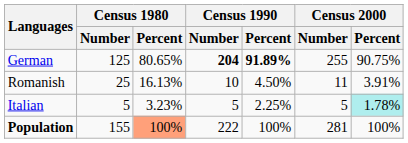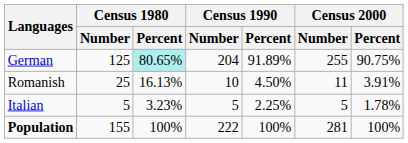 <table class="wikitable">
 <tr ---->
 <th rowspan="2">Languages</th>
 <th colspan="2">Census 1980</th>
 <th colspan="2">Census 1990</th>
 <th colspan="2">Census 2000</th>
 </tr>
 <tr ---->
 <th>Number</th>
 <th>Percent</th>
 <th>Number</th>
 <th>Percent</th>
 <th>Number</th>
 <th>Percent</th>
 </tr>
 <tr ---->
 <td><a href='#'>German</a></td>
 <td align=right>125</td>
-<td align=right>80.65%</td>
-<td align=right><strong>204</strong></td>
-<td align=right><strong>91.89%</strong></td>
+<td align=right style="background: paleturquoise;">80.65%</td>
+<td align=right>204</td>
+<td align=right>91.89%</td>
 <td align=right>255</td>
 <td align=right>90.75%</td>
 </tr>
 <tr ---->
 <td>Romanish</td>
 <td align=right>25</td>
 <td align=right>16.13%</td>
 <td align=right>10</td>
 <td align=right>4.50%</td>
 <td align=right>11</td>
 <td align=right>3.91%</td>
 </tr>
 <tr ---->
 <td><a href='#'>Italian</a></td>
 <td align=right>5</td>
 <td align=right>3.23%</td>
 <td align=right>5</td>
 <td align=right>2.25%</td>
 <td align=right>5</td>
-<td align=right style="background: paleturquoise;">1.78%</td>
+<td align=right>1.78%</td>
 </tr>
 <tr ---->
 <td><strong>Population</strong></td>
 <td align=right>155</td>
-<td align=right style="background: lightsalmon;">100%</td>
+<td align=right>100%</td>
 <td align=right>222</td>
 <td align=right>100%</td>
 <td align=right>281</td>
 <td align=right>100%</td>
 </tr>
 </table>
